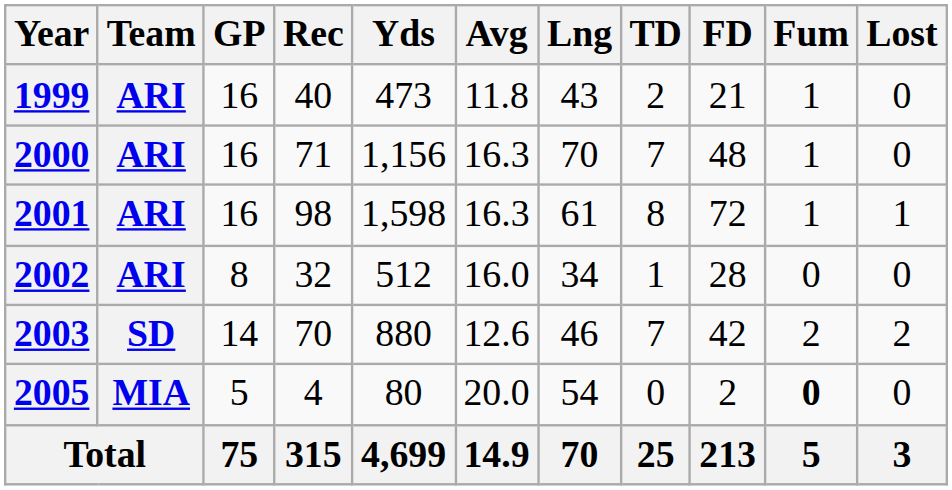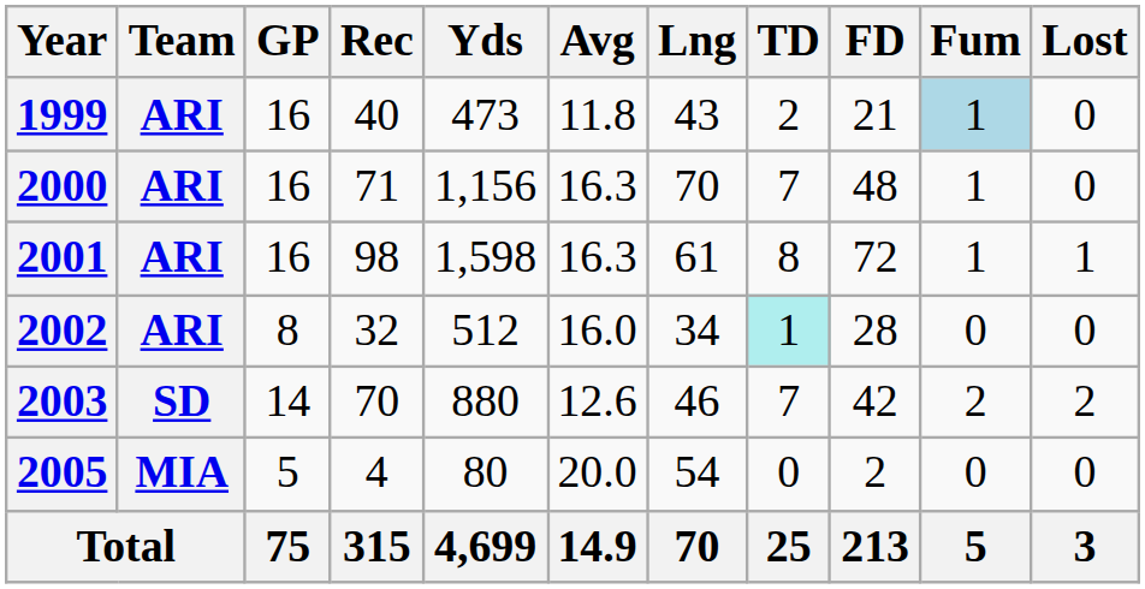 <table class="wikitable" style="text-align:center;">
 <tr>
 <th>Year</th>
 <th>Team</th>
 <th>GP</th>
 <th>Rec</th>
 <th>Yds</th>
 <th>Avg</th>
 <th>Lng</th>
 <th>TD</th>
 <th>FD</th>
 <th>Fum</th>
 <th>Lost</th>
 </tr>
 <tr>
 <th><a href='#'>1999</a></th>
 <th><a href='#'>ARI</a></th>
 <td>16</td>
 <td>40</td>
 <td>473</td>
 <td>11.8</td>
 <td>43</td>
 <td>2</td>
 <td>21</td>
-<td>1</td>
+<td style="background: lightblue;">1</td>
 <td>0</td>
 </tr>
 <tr>
 <th><a href='#'>2000</a></th>
 <th><a href='#'>ARI</a></th>
 <td>16</td>
 <td>71</td>
 <td>1,156</td>
 <td>16.3</td>
 <td>70</td>
 <td>7</td>
 <td>48</td>
 <td>1</td>
 <td>0</td>
 </tr>
 <tr>
 <th><a href='#'>2001</a></th>
 <th><a href='#'>ARI</a></th>
 <td>16</td>
 <td>98</td>
 <td>1,598</td>
 <td>16.3</td>
 <td>61</td>
 <td>8</td>
 <td>72</td>
 <td>1</td>
 <td>1</td>
 </tr>
 <tr>
 <th><a href='#'>2002</a></th>
 <th><a href='#'>ARI</a></th>
 <td>8</td>
 <td>32</td>
 <td>512</td>
 <td>16.0</td>
 <td>34</td>
-<td>1</td>
+<td style="background: paleturquoise;">1</td>
 <td>28</td>
 <td>0</td>
 <td>0</td>
 </tr>
 <tr>
 <th><a href='#'>2003</a></th>
 <th><a href='#'>SD</a></th>
 <td>14</td>
 <td>70</td>
 <td>880</td>
 <td>12.6</td>
 <td>46</td>
 <td>7</td>
 <td>42</td>
 <td>2</td>
 <td>2</td>
 </tr>
 <tr>
 <th><a href='#'>2005</a></th>
 <th><a href='#'>MIA</a></th>
 <td>5</td>
 <td>4</td>
 <td>80</td>
 <td>20.0</td>
 <td>54</td>
 <td>0</td>
 <td>2</td>
-<td><strong>0</strong></td>
+<td>0</td>
 <td>0</td>
 </tr>
 <tr>
 <th colspan="2">Total</th>
 <th>75</th>
 <th>315</th>
 <th>4,699</th>
 <th>14.9</th>
 <th>70</th>
 <th>25</th>
 <th>213</th>
 <th>5</th>
 <th>3</th>
 </tr>
 </table>
